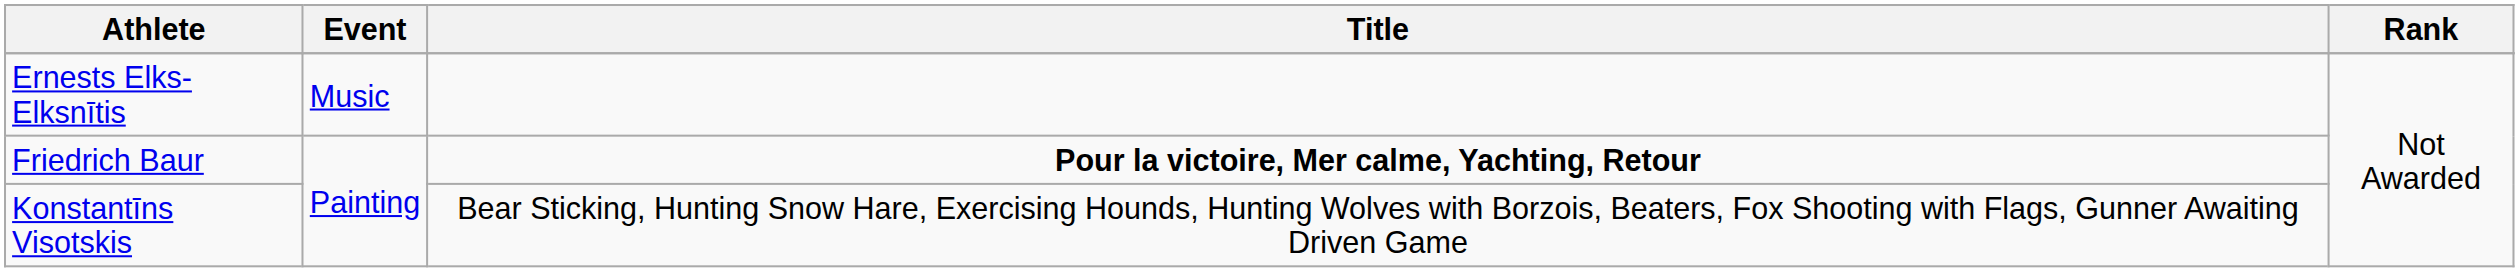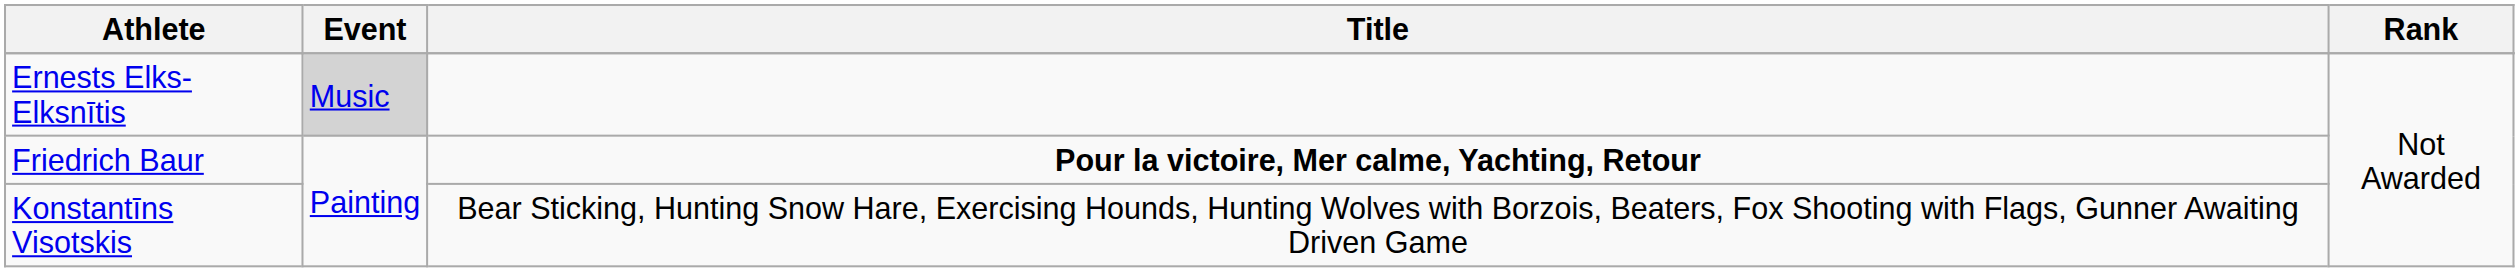 <table class="wikitable" style="font-size:95%">
 <tr>
 <th rowspan="1">Athlete</th>
 <th rowspan="1">Event</th>
 <th colspan=1>Title</th>
 <th colspan=1>Rank</th>
 </tr>
 <tr style="font-size:95%">
 </tr>
 <tr align=center>
 <td align=left><a href='#'>Ernests Elks-Elksnītis</a></td>
-<td align=left><a href='#'>Music</a></td>
+<td align=left style="background: lightgrey;"><a href='#'>Music</a></td>
 <td></td>
 <td rowspan="3">Not Awarded</td>
 </tr>
 <tr align=center>
 <td align=left><a href='#'>Friedrich Baur</a></td>
 <td rowspan="2" align=left><a href='#'>Painting</a></td>
 <td><strong>Pour la victoire, Mer calme, Yachting, Retour</strong></td>
 </tr>
 <tr align=center>
 <td align=left><a href='#'>Konstantīns Visotskis</a></td>
 <td>Bear Sticking, Hunting Snow Hare, Exercising Hounds, Hunting Wolves with Borzois, Beaters, Fox Shooting with Flags, Gunner Awaiting Driven Game</td>
 </tr>
 </table>
